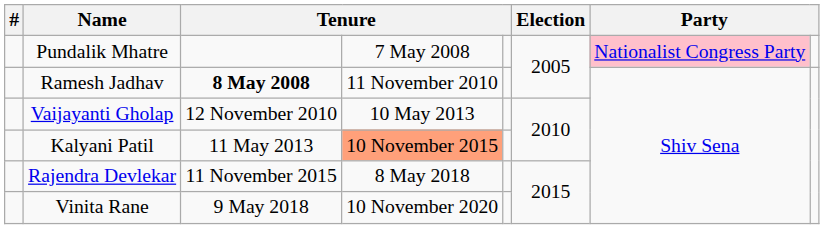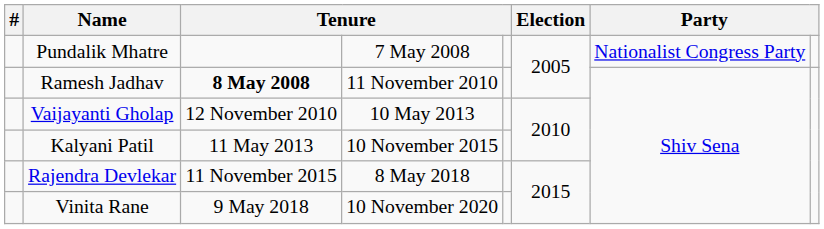 <table class="wikitable" style="text-align:center">
 <tr>
 <th>#</th>
 <th>Name</th>
 <th colspan="3">Tenure</th>
 <th>Election</th>
 <th colspan="2">Party</th>
 </tr>
 <tr>
 <td></td>
 <td>Pundalik Mhatre</td>
 <td></td>
 <td>7 May 2008</td>
 <td></td>
 <td rowspan="2">2005</td>
-<td style="background: pink;"><a href='#'>Nationalist Congress Party</a></td>
+<td><a href='#'>Nationalist Congress Party</a></td>
 <td style="background-color: "></td>
 </tr>
 <tr>
 <td></td>
 <td>Ramesh Jadhav</td>
 <td><strong>8 May 2008</strong></td>
 <td>11 November 2010</td>
 <td></td>
 <td rowspan="5"><a href='#'>Shiv Sena</a></td>
 <td rowspan="5" style="background-color: "></td>
 </tr>
 <tr>
 <td></td>
 <td><a href='#'>Vaijayanti Gholap</a></td>
 <td>12 November 2010</td>
 <td>10 May 2013</td>
 <td></td>
 <td rowspan="2">2010</td>
 </tr>
 <tr>
 <td></td>
 <td>Kalyani Patil</td>
 <td>11 May 2013</td>
-<td style="background: lightsalmon;">10 November 2015</td>
+<td>10 November 2015</td>
 <td></td>
 </tr>
 <tr>
 <td></td>
 <td><a href='#'>Rajendra Devlekar</a></td>
 <td>11 November 2015</td>
 <td>8 May 2018</td>
 <td></td>
 <td rowspan="2">2015</td>
 </tr>
 <tr>
 <td></td>
 <td>Vinita Rane</td>
 <td>9 May 2018</td>
 <td>10 November 2020</td>
 <td></td>
 </tr>
 </table>
